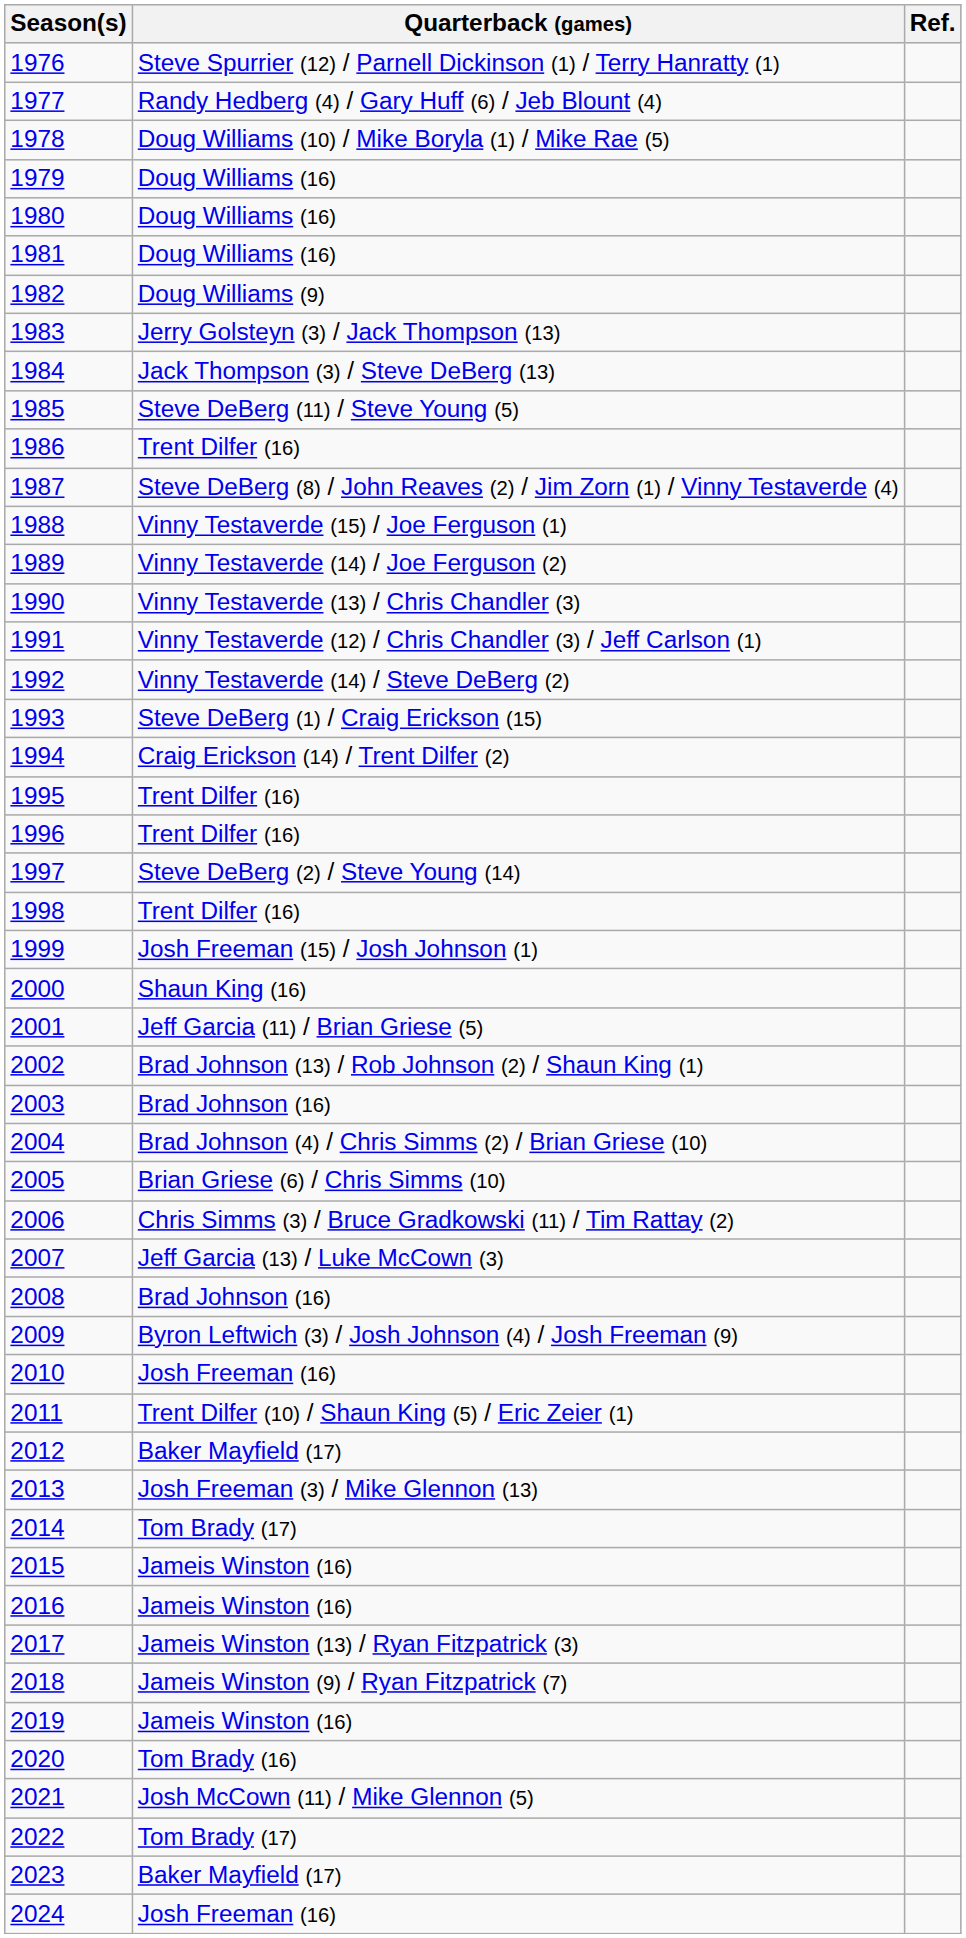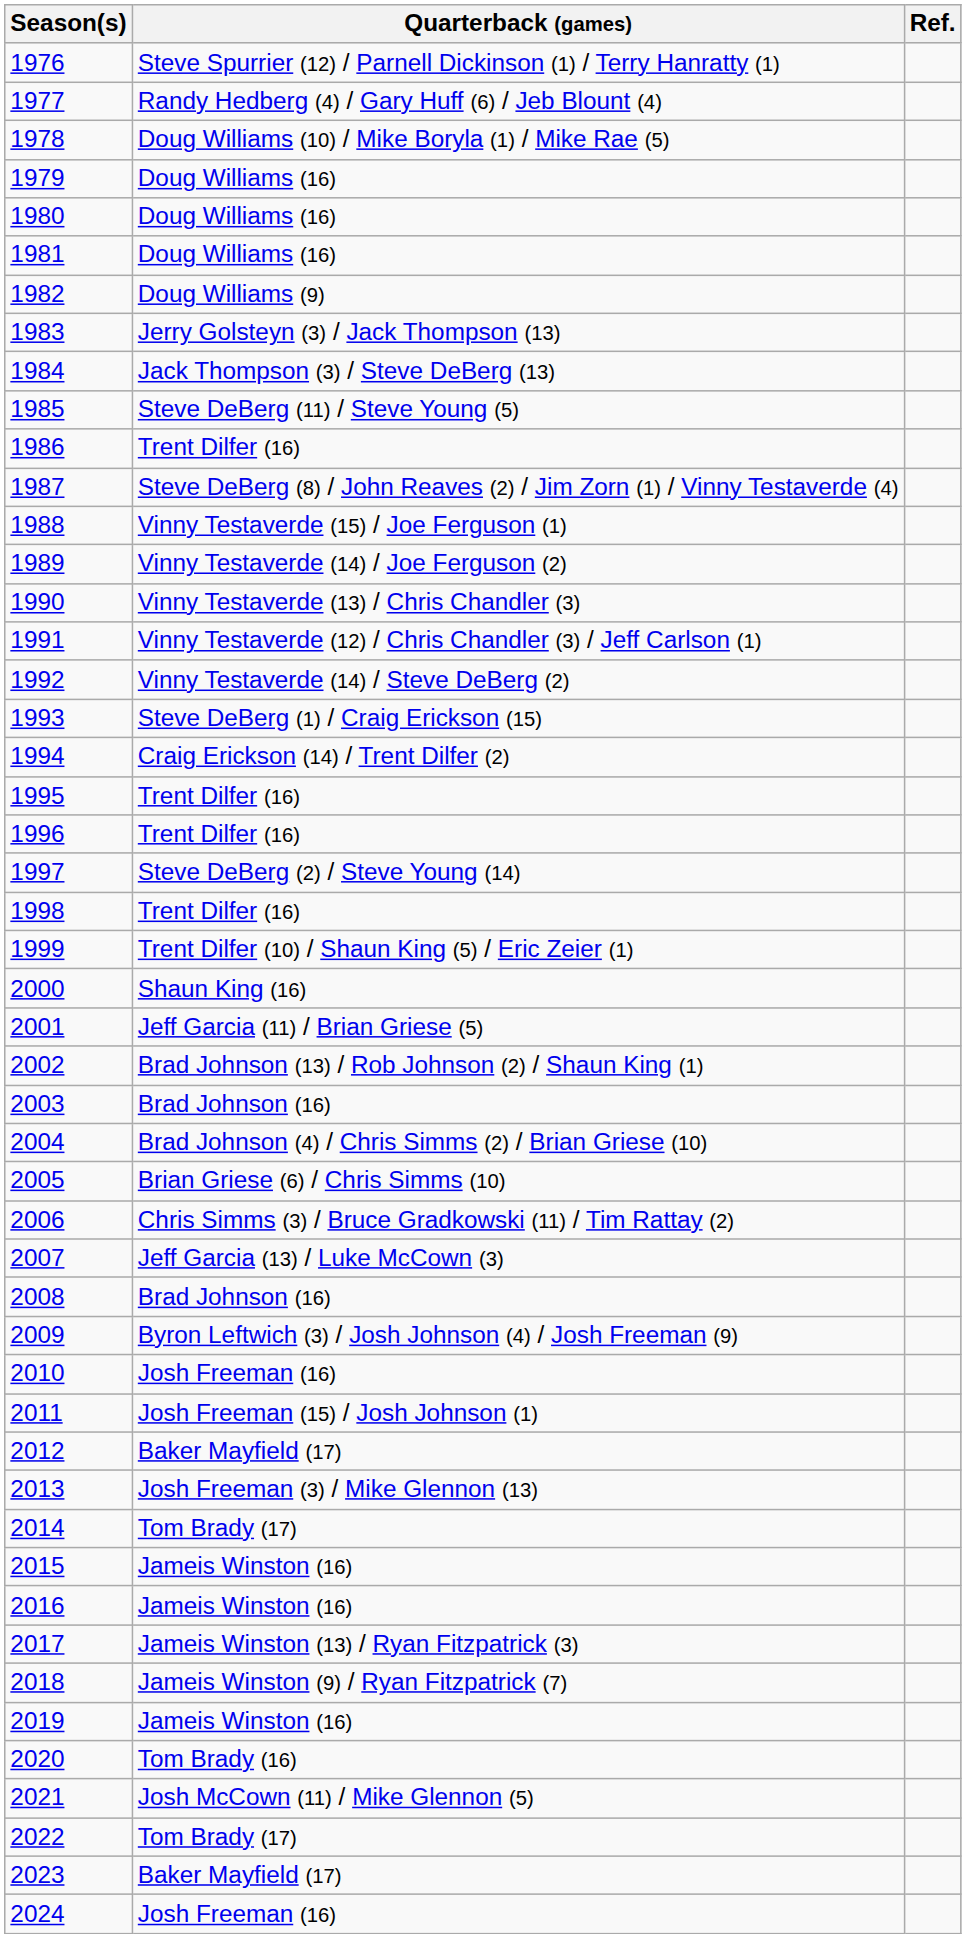 <table class="wikitable">
 <tr>
 <th>Season(s)</th>
 <th>Quarterback <small>(games)</small></th>
 <th>Ref.</th>
 </tr>
 <tr>
 <td><a href='#'>1976</a></td>
 <td><a href='#'>Steve Spurrier</a> <small>(12)</small> / <a href='#'>Parnell Dickinson</a> <small>(1)</small> / <a href='#'>Terry Hanratty</a> <small>(1)</small></td>
 <td style="text-align:center;"></td>
 </tr>
 <tr>
 <td><a href='#'>1977</a></td>
 <td><a href='#'>Randy Hedberg</a> <small>(4)</small> / <a href='#'>Gary Huff</a> <small>(6)</small> / <a href='#'>Jeb Blount</a> <small>(4)</small></td>
 <td style="text-align:center;"></td>
 </tr>
 <tr>
 <td><a href='#'>1978</a></td>
 <td><a href='#'>Doug Williams</a> <small>(10)</small> / <a href='#'>Mike Boryla</a> <small>(1)</small> / <a href='#'>Mike Rae</a> <small>(5)</small></td>
 <td style="text-align:center;"></td>
 </tr>
 <tr>
 <td><a href='#'>1979</a></td>
 <td><a href='#'>Doug Williams</a> <small>(16)</small></td>
 <td style="text-align:center;"></td>
 </tr>
 <tr>
 <td><a href='#'>1980</a></td>
 <td><a href='#'>Doug Williams</a> <small>(16)</small></td>
 <td style="text-align:center;"></td>
 </tr>
 <tr>
 <td><a href='#'>1981</a></td>
 <td><a href='#'>Doug Williams</a> <small>(16)</small></td>
 <td style="text-align:center;"></td>
 </tr>
 <tr>
 <td><a href='#'>1982</a></td>
 <td><a href='#'>Doug Williams</a> <small>(9)</small></td>
 <td style="text-align:center;"></td>
 </tr>
 <tr>
 <td><a href='#'>1983</a></td>
 <td><a href='#'>Jerry Golsteyn</a> <small>(3)</small> / <a href='#'>Jack Thompson</a> <small>(13)</small></td>
 <td style="text-align:center;"></td>
 </tr>
 <tr>
 <td><a href='#'>1984</a></td>
 <td><a href='#'>Jack Thompson</a> <small>(3)</small> / <a href='#'>Steve DeBerg</a> <small>(13)</small></td>
 <td style="text-align:center;"></td>
 </tr>
 <tr>
 <td><a href='#'>1985</a></td>
 <td><a href='#'>Steve DeBerg</a> <small>(11)</small> / <a href='#'>Steve Young</a> <small>(5)</small></td>
 <td style="text-align:center;"></td>
 </tr>
 <tr>
 <td><a href='#'>1986</a></td>
 <td><a href='#'>Trent Dilfer</a> <small>(16)</small></td>
 <td style="text-align:center;"></td>
 </tr>
 <tr>
 <td><a href='#'>1987</a></td>
 <td><a href='#'>Steve DeBerg</a> <small>(8)</small> / <a href='#'>John Reaves</a> <small>(2)</small> / <a href='#'>Jim Zorn</a> <small>(1)</small> / <a href='#'>Vinny Testaverde</a> <small>(4)</small></td>
 <td style="text-align:center;"></td>
 </tr>
 <tr>
 <td><a href='#'>1988</a></td>
 <td><a href='#'>Vinny Testaverde</a> <small>(15)</small> / <a href='#'>Joe Ferguson</a> <small>(1)</small></td>
 <td style="text-align:center;"></td>
 </tr>
 <tr>
 <td><a href='#'>1989</a></td>
 <td><a href='#'>Vinny Testaverde</a> <small>(14)</small> / <a href='#'>Joe Ferguson</a> <small>(2)</small></td>
 <td style="text-align:center;"></td>
 </tr>
 <tr>
 <td><a href='#'>1990</a></td>
 <td><a href='#'>Vinny Testaverde</a> <small>(13)</small> / <a href='#'>Chris Chandler</a> <small>(3)</small></td>
 <td style="text-align:center;"></td>
 </tr>
 <tr>
 <td><a href='#'>1991</a></td>
 <td><a href='#'>Vinny Testaverde</a> <small>(12)</small> / <a href='#'>Chris Chandler</a> <small>(3)</small> / <a href='#'>Jeff Carlson</a> <small>(1)</small></td>
 <td style="text-align:center;"></td>
 </tr>
 <tr>
 <td><a href='#'>1992</a></td>
 <td><a href='#'>Vinny Testaverde</a> <small>(14)</small> / <a href='#'>Steve DeBerg</a> <small>(2)</small></td>
 <td style="text-align:center;"></td>
 </tr>
 <tr>
 <td><a href='#'>1993</a></td>
 <td><a href='#'>Steve DeBerg</a> <small>(1)</small> / <a href='#'>Craig Erickson</a> <small>(15)</small></td>
 <td style="text-align:center;"></td>
 </tr>
 <tr>
 <td><a href='#'>1994</a></td>
 <td><a href='#'>Craig Erickson</a> <small>(14)</small> / <a href='#'>Trent Dilfer</a> <small>(2)</small></td>
 <td style="text-align:center;"></td>
 </tr>
 <tr>
 <td><a href='#'>1995</a></td>
 <td><a href='#'>Trent Dilfer</a> <small>(16)</small></td>
 <td style="text-align:center;"></td>
 </tr>
 <tr>
 <td><a href='#'>1996</a></td>
 <td><a href='#'>Trent Dilfer</a> <small>(16)</small></td>
 <td style="text-align:center;"></td>
 </tr>
 <tr>
 <td><a href='#'>1997</a></td>
 <td><a href='#'>Steve DeBerg</a> <small>(2)</small> / <a href='#'>Steve Young</a> <small>(14)</small></td>
 <td style="text-align:center;"></td>
 </tr>
 <tr>
 <td><a href='#'>1998</a></td>
 <td><a href='#'>Trent Dilfer</a> <small>(16)</small></td>
 <td style="text-align:center;"></td>
 </tr>
 <tr>
 <td><a href='#'>1999</a></td>
-<td><a href='#'>Josh Freeman</a> <small>(15)</small> / <a href='#'>Josh Johnson</a> <small>(1)</small></td>
+<td><a href='#'>Trent Dilfer</a> <small>(10)</small> / <a href='#'>Shaun King</a> <small>(5)</small> / <a href='#'>Eric Zeier</a> <small>(1)</small></td>
 <td style="text-align:center;"></td>
 </tr>
 <tr>
 <td><a href='#'>2000</a></td>
 <td><a href='#'>Shaun King</a> <small>(16)</small></td>
 <td style="text-align:center;"></td>
 </tr>
 <tr>
 <td><a href='#'>2001</a></td>
 <td><a href='#'>Jeff Garcia</a> <small>(11)</small> / <a href='#'>Brian Griese</a> <small>(5)</small></td>
 <td style="text-align:center;"></td>
 </tr>
 <tr>
 <td><a href='#'>2002</a></td>
 <td><a href='#'>Brad Johnson</a> <small>(13)</small> / <a href='#'>Rob Johnson</a> <small>(2)</small> / <a href='#'>Shaun King</a> <small>(1)</small></td>
 <td style="text-align:center;"></td>
 </tr>
 <tr>
 <td><a href='#'>2003</a></td>
 <td><a href='#'>Brad Johnson</a> <small>(16)</small></td>
 <td style="text-align:center;"></td>
 </tr>
 <tr>
 <td><a href='#'>2004</a></td>
 <td><a href='#'>Brad Johnson</a> <small>(4)</small> / <a href='#'>Chris Simms</a> <small>(2)</small> / <a href='#'>Brian Griese</a> <small>(10)</small></td>
 <td style="text-align:center;"></td>
 </tr>
 <tr>
 <td><a href='#'>2005</a></td>
 <td><a href='#'>Brian Griese</a> <small>(6)</small> / <a href='#'>Chris Simms</a> <small>(10)</small></td>
 <td style="text-align:center;"></td>
 </tr>
 <tr>
 <td><a href='#'>2006</a></td>
 <td><a href='#'>Chris Simms</a> <small>(3)</small> / <a href='#'>Bruce Gradkowski</a> <small>(11)</small> / <a href='#'>Tim Rattay</a> <small>(2)</small></td>
 <td style="text-align:center;"></td>
 </tr>
 <tr>
 <td><a href='#'>2007</a></td>
 <td><a href='#'>Jeff Garcia</a> <small>(13)</small> / <a href='#'>Luke McCown</a> <small>(3)</small></td>
 <td style="text-align:center;"></td>
 </tr>
 <tr>
 <td><a href='#'>2008</a></td>
 <td><a href='#'>Brad Johnson</a> <small>(16)</small></td>
 <td style="text-align:center;"></td>
 </tr>
 <tr>
 <td><a href='#'>2009</a></td>
 <td><a href='#'>Byron Leftwich</a> <small>(3)</small> / <a href='#'>Josh Johnson</a> <small>(4)</small> / <a href='#'>Josh Freeman</a> <small>(9)</small></td>
 <td style="text-align:center;"></td>
 </tr>
 <tr>
 <td><a href='#'>2010</a></td>
 <td><a href='#'>Josh Freeman</a> <small>(16)</small></td>
 <td style="text-align:center;"></td>
 </tr>
 <tr>
 <td><a href='#'>2011</a></td>
-<td><a href='#'>Trent Dilfer</a> <small>(10)</small> / <a href='#'>Shaun King</a> <small>(5)</small> / <a href='#'>Eric Zeier</a> <small>(1)</small></td>
+<td><a href='#'>Josh Freeman</a> <small>(15)</small> / <a href='#'>Josh Johnson</a> <small>(1)</small></td>
 <td style="text-align:center;"></td>
 </tr>
 <tr>
 <td><a href='#'>2012</a></td>
 <td><a href='#'>Baker Mayfield</a> <small>(17)</small></td>
 <td style="text-align:center;"></td>
 </tr>
 <tr>
 <td><a href='#'>2013</a></td>
 <td><a href='#'>Josh Freeman</a> <small>(3)</small> / <a href='#'>Mike Glennon</a> <small>(13)</small></td>
 <td style="text-align:center;"></td>
 </tr>
 <tr>
 <td><a href='#'>2014</a></td>
 <td><a href='#'>Tom Brady</a> <small>(17)</small></td>
 <td style="text-align:center;"></td>
 </tr>
 <tr>
 <td><a href='#'>2015</a></td>
 <td><a href='#'>Jameis Winston</a> <small>(16)</small></td>
 <td style="text-align:center;"></td>
 </tr>
 <tr>
 <td><a href='#'>2016</a></td>
 <td><a href='#'>Jameis Winston</a> <small>(16)</small></td>
 <td style="text-align:center;"></td>
 </tr>
 <tr>
 <td><a href='#'>2017</a></td>
 <td><a href='#'>Jameis Winston</a> <small>(13)</small> / <a href='#'>Ryan Fitzpatrick</a> <small>(3)</small></td>
 <td style="text-align:center;"></td>
 </tr>
 <tr>
 <td><a href='#'>2018</a></td>
 <td><a href='#'>Jameis Winston</a> <small>(9)</small> / <a href='#'>Ryan Fitzpatrick</a> <small>(7)</small></td>
 <td style="text-align:center;"></td>
 </tr>
 <tr>
 <td><a href='#'>2019</a></td>
 <td><a href='#'>Jameis Winston</a> <small>(16)</small></td>
 <td style="text-align:center;"></td>
 </tr>
 <tr>
 <td><a href='#'>2020</a></td>
 <td><a href='#'>Tom Brady</a> <small>(16)</small></td>
 <td style="text-align:center;"></td>
 </tr>
 <tr>
 <td><a href='#'>2021</a></td>
 <td><a href='#'>Josh McCown</a> <small>(11)</small> / <a href='#'>Mike Glennon</a> <small>(5)</small></td>
 <td style="text-align:center;"></td>
 </tr>
 <tr>
 <td><a href='#'>2022</a></td>
 <td><a href='#'>Tom Brady</a> <small>(17)</small></td>
 <td style="text-align:center;"></td>
 </tr>
 <tr>
 <td><a href='#'>2023</a></td>
 <td><a href='#'>Baker Mayfield</a> <small>(17)</small></td>
 <td style="text-align:center;"></td>
 </tr>
 <tr>
 <td><a href='#'>2024</a></td>
 <td><a href='#'>Josh Freeman</a> <small>(16)</small></td>
 <td></td>
 </tr>
 </table>
